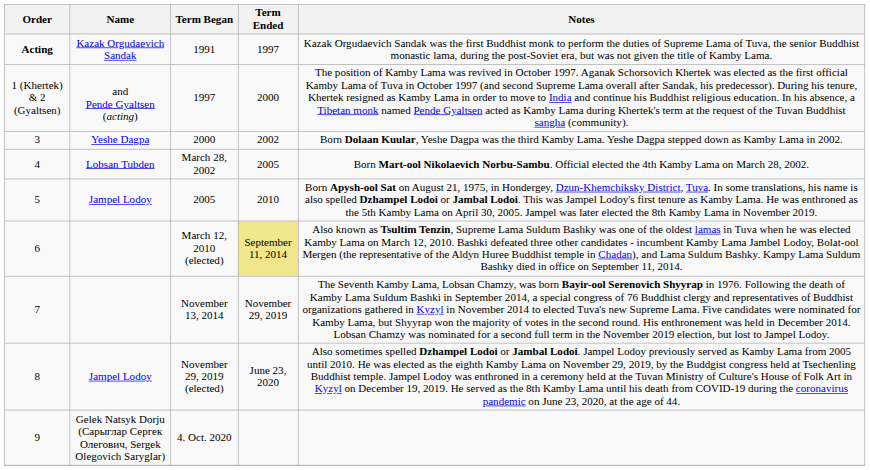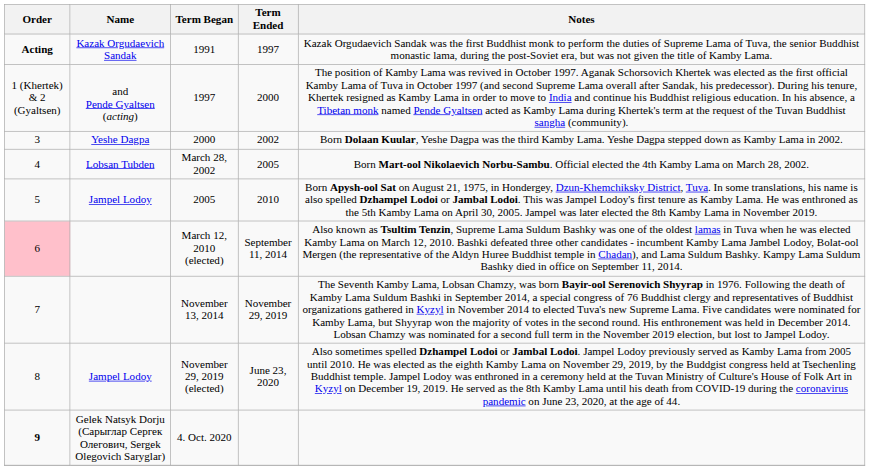 <table class="wikitable" style="text-align:center">
 <tr>
 <th>Order</th>
 <th>Name</th>
 <th>Term Began</th>
 <th>Term Ended</th>
 <th>Notes</th>
 </tr>
 <tr>
 <td><strong>Acting</strong></td>
 <td><a href='#'>Kazak Orgudaevich Sandak</a></td>
 <td>1991</td>
 <td>1997</td>
 <td>Kazak Orgudaevich Sandak was the first Buddhist monk to perform the duties of Supreme Lama of Tuva, the senior Buddhist monastic lama, during the post-Soviet era, but was not given the title of Kamby Lama.</td>
 </tr>
 <tr>
 <td>1 (Khertek) & 2 (Gyaltsen)</td>
 <td><br>and<br><a href='#'>Pende Gyaltsen</a> (<em>acting</em>)</td>
 <td>1997</td>
 <td>2000</td>
 <td>The position of Kamby Lama was revived in October 1997. Aganak Schorsovich Khertek was elected as the first official Kamby Lama of Tuva in October 1997 (and second Supreme Lama overall after Sandak, his predecessor). During his tenure, Khertek resigned as Kamby Lama in order to move to <a href='#'>India</a> and continue his Buddhist religious education. In his absence, a <a href='#'>Tibetan monk</a> named <a href='#'>Pende Gyaltsen</a> acted as Kamby Lama during Khertek's term at the request of the Tuvan Buddhist <a href='#'>sangha</a> (community).</td>
 </tr>
 <tr>
 <td>3</td>
 <td><a href='#'>Yeshe Dagpa</a></td>
 <td>2000</td>
 <td>2002</td>
 <td>Born <strong>Dolaan Kuular</strong>, Yeshe Dagpa was the third Kamby Lama. Yeshe Dagpa stepped down as Kamby Lama in 2002.</td>
 </tr>
 <tr>
 <td>4</td>
 <td><a href='#'>Lobsan Tubden</a></td>
 <td>March 28, 2002</td>
 <td>2005</td>
 <td>Born <strong>Mart-ool Nikolaevich Norbu-Sambu</strong>. Official elected the 4th Kamby Lama on March 28, 2002.</td>
 </tr>
 <tr>
 <td>5</td>
 <td><a href='#'>Jampel Lodoy</a></td>
 <td>2005</td>
 <td>2010</td>
 <td>Born <strong>Apysh-ool Sat</strong> on August 21, 1975, in Hondergey, <a href='#'>Dzun-Khemchiksky District</a>, <a href='#'>Tuva</a>. In some translations, his name is also spelled <strong>Dzhampel Lodoi</strong> or <strong>Jambal Lodoi</strong>. This was Jampel Lodoy's first tenure as Kamby Lama. He was enthroned as the 5th Kamby Lama on April 30, 2005.  Jampel was later elected the 8th Kamby Lama in November 2019.</td>
 </tr>
 <tr>
-<td>6</td>
+<td style="background: pink;">6</td>
 <td></td>
 <td>March 12, 2010 (elected)</td>
-<td style="background: khaki;">September 11, 2014</td>
+<td>September 11, 2014</td>
 <td>Also known as <strong>Tsultim Tenzin</strong>, Supreme Lama Suldum Bashky was one of the oldest <a href='#'>lamas</a> in Tuva when he was elected Kamby Lama on March 12, 2010. Bashki defeated three other candidates - incumbent Kamby Lama Jambel Lodoy, Bolat-ool Mergen (the representative of the Aldyn Huree Buddhist temple in <a href='#'>Chadan</a>), and Lama Suldum Bashky. Kampy Lama Suldum Bashky died in office on September 11, 2014.</td>
 </tr>
 <tr>
 <td>7</td>
 <td></td>
 <td>November 13, 2014</td>
 <td>November 29, 2019</td>
 <td>The Seventh Kamby Lama, Lobsan Chamzy, was born <strong>Bayir-ool Serenovich Shyyrap</strong> in 1976. Following the death of Kamby Lama Suldum Bashki in September 2014, a special congress of 76 Buddhist clergy and representatives of Buddhist organizations gathered in <a href='#'>Kyzyl</a> in November 2014 to elected Tuva's new Supreme Lama. Five candidates were nominated for Kamby Lama, but Shyyrap won the majority of votes in the second round. His enthronement was held in December 2014. Lobsan Chamzy was nominated for a second full term in the November 2019 election, but lost to Jampel Lodoy.</td>
 </tr>
 <tr>
 <td>8</td>
 <td><a href='#'>Jampel Lodoy</a></td>
 <td>November 29, 2019 (elected)</td>
 <td>June 23, 2020</td>
 <td>Also sometimes spelled <strong>Dzhampel Lodoi</strong> or <strong>Jambal Lodoi</strong>. Jampel Lodoy previously served as Kamby Lama from 2005 until 2010. He was elected as the eighth Kamby Lama on November 29, 2019, by the Buddgist congress held at Tsechenling Buddhist temple. Jampel Lodoy was enthroned in a ceremony held at the Tuvan Ministry of Culture's House of Folk Art in <a href='#'>Kyzyl</a> on December 19, 2019. He served as the 8th Kamby Lama until his death from COVID-19 during the <a href='#'>coronavirus pandemic</a> on June 23, 2020, at the age of 44.</td>
 </tr>
 <tr>
-<td>9</td>
+<td><strong>9</strong></td>
 <td>Gelek Natsyk Dorju <br>(Сарыглар Сергек Олегович, Sergek Olegovich Saryglar)</td>
 <td>4. Oct. 2020</td>
 <td></td>
 <td></td>
 </tr>
 <tr>
 </tr>
 </table>
